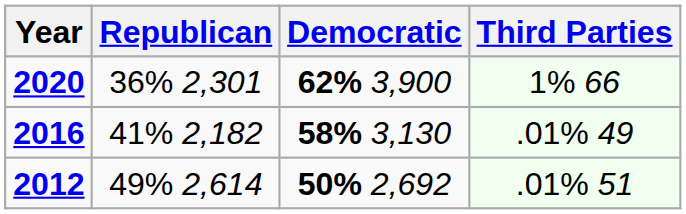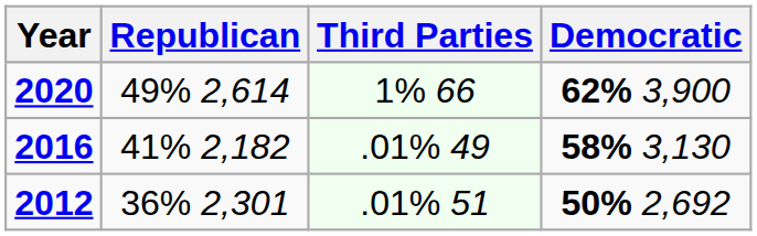 <table class="wikitable" style="float:right; font-size:95%;">
 <tr bgcolor=lightgrey>
 <th>Year</th>
 <th><a href='#'>Republican</a></th>
+<th><a href='#'>Third Parties</a></th>
 <th><a href='#'>Democratic</a></th>
-<th><a href='#'>Third Parties</a></th>
 </tr>
 <tr>
 <td style="text-align:center; "><strong><a href='#'>2020</a></strong></td>
-<td style="text-align:center; ">36% <em>2,301</em></td>
+<td style="text-align:center; ">49% <em>2,614</em></td>
+<td style="text-align:center; background:honeyDew;">1% <em>66</em></td>
 <td style="text-align:center; "><strong>62%</strong> <em>3,900</em></td>
-<td style="text-align:center; background:honeyDew;">1% <em>66</em></td>
 </tr>
 <tr>
 <td style="text-align:center; "><strong><a href='#'>2016</a></strong></td>
 <td style="text-align:center; ">41% <em>2,182</em></td>
+<td style="text-align:center; background:honeyDew;">.01% <em>49</em></td>
 <td style="text-align:center; "><strong>58%</strong> <em>3,130</em></td>
-<td style="text-align:center; background:honeyDew;">.01% <em>49</em></td>
 </tr>
 <tr>
 <td style="text-align:center; "><strong><a href='#'>2012</a></strong></td>
-<td style="text-align:center; ">49% <em>2,614</em></td>
+<td style="text-align:center; ">36% <em>2,301</em></td>
+<td style="text-align:center; background:honeyDew;">.01% <em>51</em></td>
 <td style="text-align:center; "><strong>50%</strong> <em>2,692</em></td>
-<td style="text-align:center; background:honeyDew;">.01% <em>51</em></td>
 </tr>
 </table>
